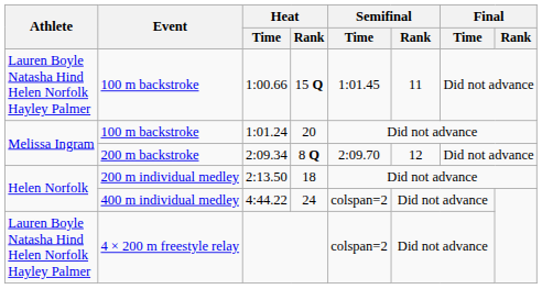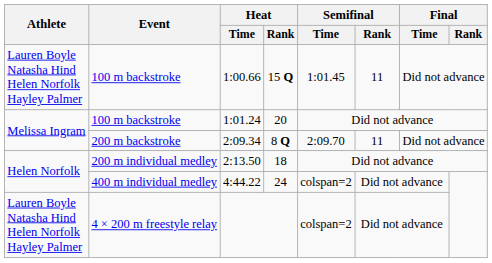 <table class=wikitable style="font-size:90%">
 <tr>
 <th rowspan="2">Athlete</th>
 <th rowspan="2">Event</th>
 <th colspan="2">Heat</th>
 <th colspan="2">Semifinal</th>
 <th colspan="2">Final</th>
 </tr>
 <tr style="font-size:95%">
 <th>Time</th>
 <th>Rank</th>
 <th>Time</th>
 <th>Rank</th>
 <th>Time</th>
 <th>Rank</th>
 </tr>
 <tr align=center>
 <td align=left><a href='#'>Lauren Boyle</a><br><a href='#'>Natasha Hind</a><br><a href='#'>Helen Norfolk</a><br><a href='#'>Hayley Palmer</a></td>
 <td align=left><a href='#'>100 m backstroke</a></td>
 <td>1:00.66</td>
 <td>15 <strong>Q</strong></td>
 <td>1:01.45</td>
 <td>11</td>
 <td colspan=2>Did not advance</td>
 </tr>
 <tr align=center>
 <td align=left rowspan=2><a href='#'>Melissa Ingram</a></td>
 <td align=left><a href='#'>100 m backstroke</a></td>
 <td>1:01.24</td>
 <td>20</td>
 <td colspan=4>Did not advance</td>
 </tr>
 <tr align=center>
 <td align=left><a href='#'>200 m backstroke</a></td>
 <td>2:09.34</td>
 <td>8 <strong>Q</strong></td>
 <td>2:09.70</td>
-<td>12</td>
+<td>11</td>
 <td colspan=2>Did not advance</td>
 </tr>
 <tr align=center>
 <td align=left rowspan=2><a href='#'>Helen Norfolk</a></td>
 <td align=left><a href='#'>200 m individual medley</a></td>
 <td>2:13.50</td>
 <td>18</td>
 <td colspan=4>Did not advance</td>
 </tr>
 <tr align=center>
 <td align=left><a href='#'>400 m individual medley</a></td>
 <td>4:44.22</td>
 <td>24</td>
 <td>colspan=2 </td>
 <td colspan=2>Did not advance</td>
 </tr>
 <tr align=center>
 <td align=left><a href='#'>Lauren Boyle</a><br><a href='#'>Natasha Hind</a><br><a href='#'>Helen Norfolk</a><br><a href='#'>Hayley Palmer</a></td>
 <td align=left><a href='#'>4 × 200 m freestyle relay</a></td>
 <td colspan=2></td>
 <td>colspan=2 </td>
 <td colspan=2>Did not advance</td>
 </tr>
 </table>
